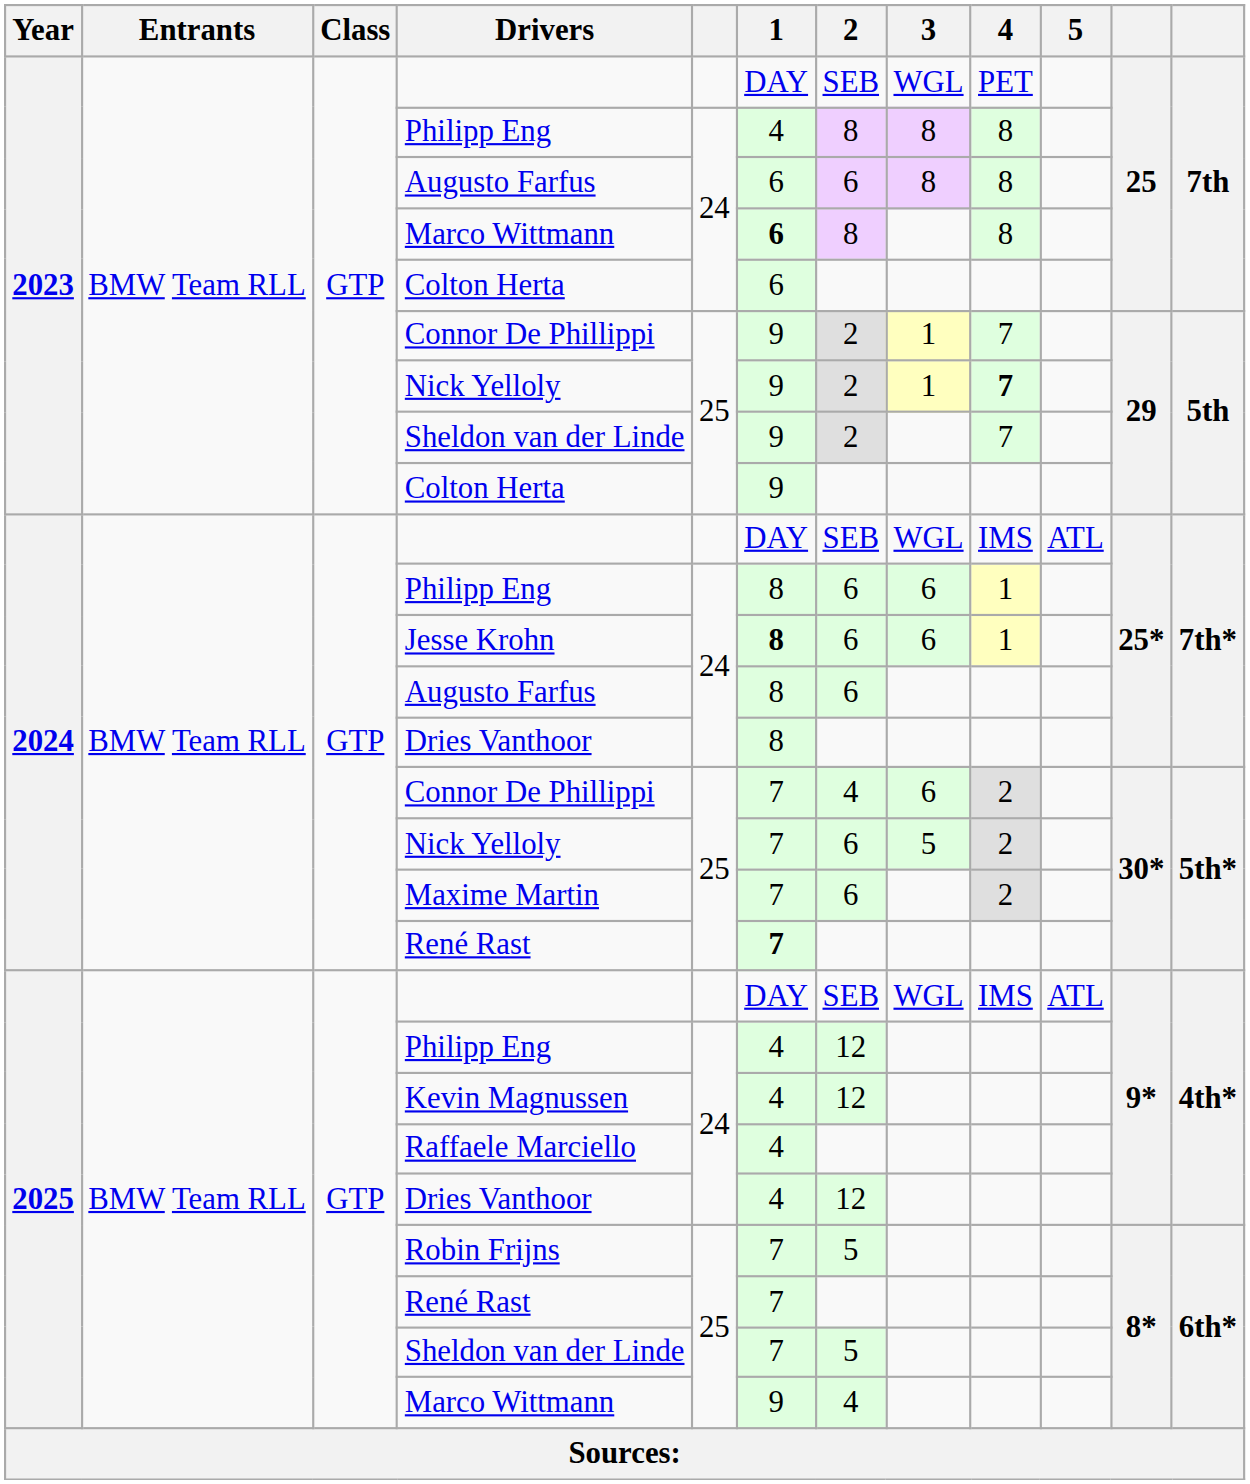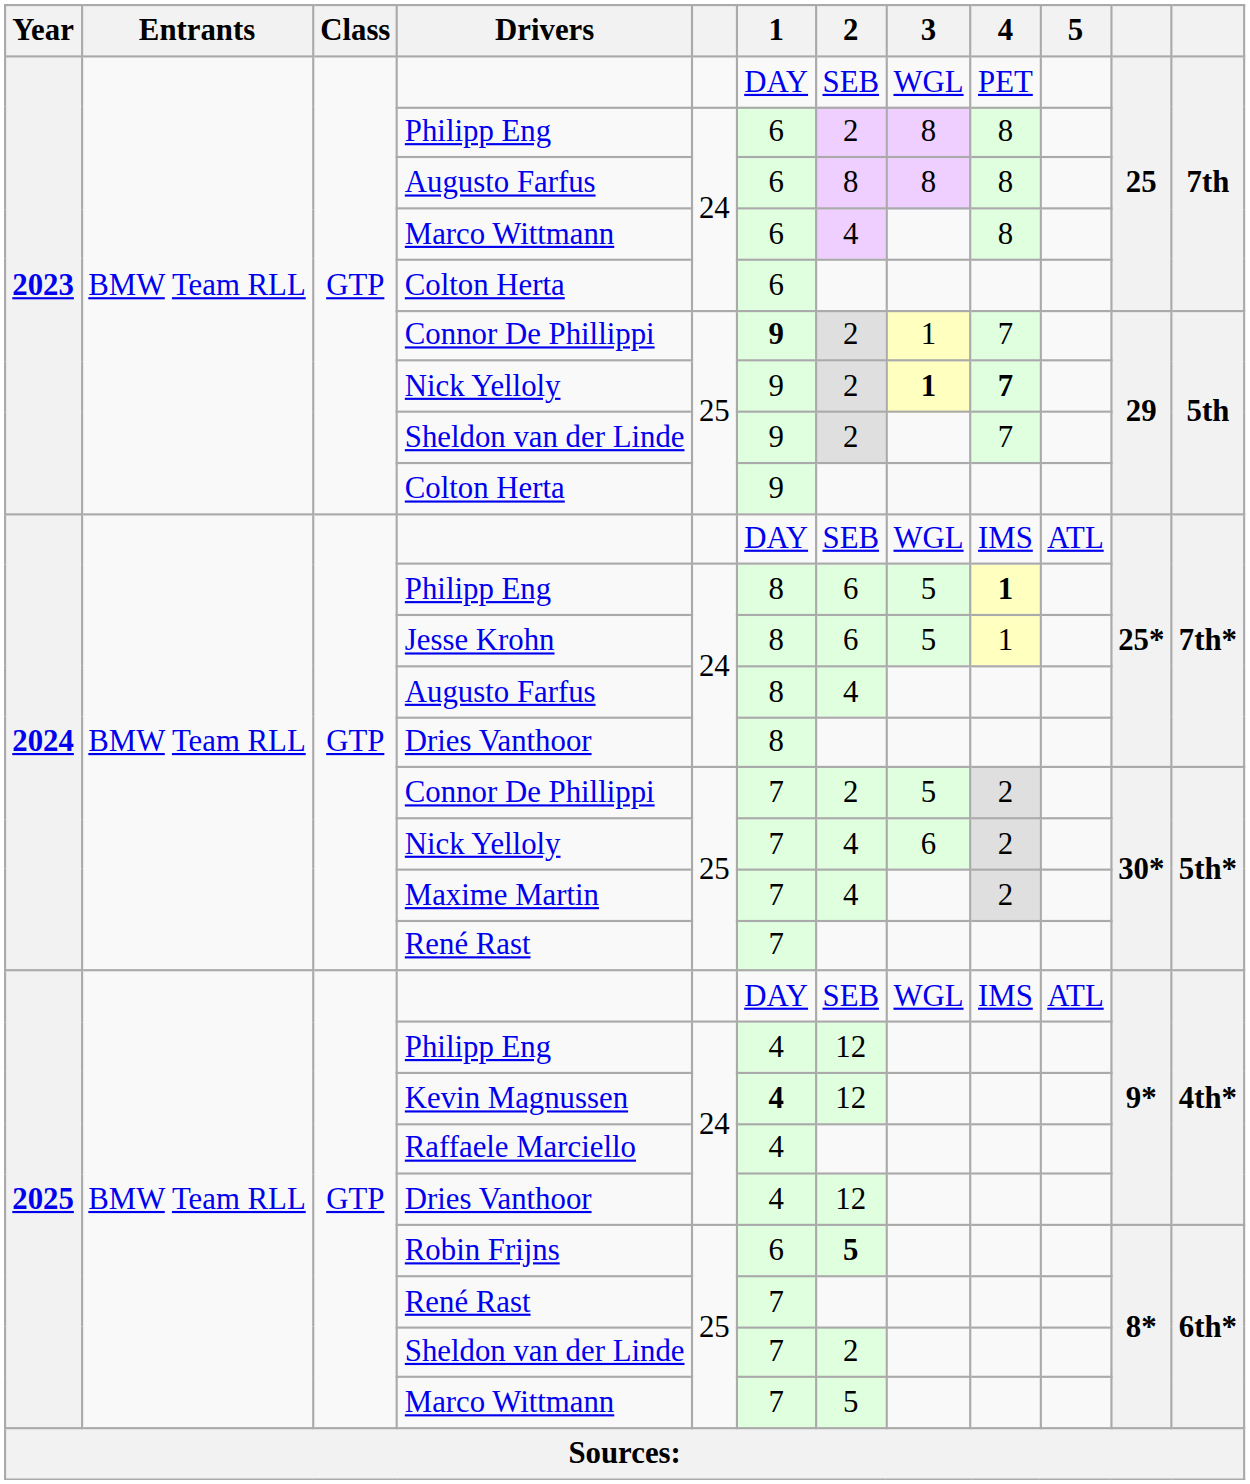 <table class="wikitable" style="text-align:center; font-size:90%">
 <tr>
 <th>Year</th>
 <th>Entrants</th>
 <th>Class</th>
 <th>Drivers</th>
 <th></th>
 <th>1</th>
 <th>2</th>
 <th>3</th>
 <th>4</th>
 <th>5</th>
 <th></th>
 <th></th>
 </tr>
 <tr>
 <th rowspan="9"><a href='#'>2023</a></th>
 <td rowspan="9"><a href='#'>BMW</a> <a href='#'>Team RLL</a></td>
 <td rowspan="9"><a href='#'>GTP</a></td>
 <td></td>
 <td></td>
 <td><a href='#'>DAY</a></td>
 <td><a href='#'>SEB</a></td>
 <td><a href='#'>WGL</a></td>
 <td><a href='#'>PET</a></td>
 <td></td>
 <th rowspan=5>25</th>
 <th rowspan=5>7th</th>
 </tr>
 <tr>
 <td align="left"> <a href='#'>Philipp Eng</a></td>
 <td rowspan="4">24</td>
-<td style="background:#DFFFDF;">4</td>
-<td style="background:#EFCFFF;">8</td>
+<td style="background:#DFFFDF;">6</td>
+<td style="background:#EFCFFF;">2</td>
 <td style="background:#EFCFFF;">8</td>
 <td style="background:#DFFFDF;">8</td>
 <td></td>
 </tr>
 <tr>
 <td align="left"> <a href='#'>Augusto Farfus</a></td>
 <td style="background:#DFFFDF;">6</td>
-<td style="background:#EFCFFF;">6</td>
+<td style="background:#EFCFFF;">8</td>
 <td style="background:#EFCFFF;">8</td>
 <td style="background:#DFFFDF;">8</td>
 <td></td>
 </tr>
 <tr>
 <td align="left"> <a href='#'>Marco Wittmann</a></td>
-<td style="background:#DFFFDF;"><strong>6</strong></td>
-<td style="background:#EFCFFF;">8</td>
+<td style="background:#DFFFDF;">6</td>
+<td style="background:#EFCFFF;">4</td>
 <td></td>
 <td style="background:#DFFFDF;">8</td>
 <td></td>
 </tr>
 <tr>
 <td align="left"> <a href='#'>Colton Herta</a></td>
 <td style="background:#DFFFDF;">6</td>
 <td></td>
 <td></td>
 <td></td>
 <td></td>
 </tr>
 <tr>
 <td align="left"> <a href='#'>Connor De Phillippi</a></td>
 <td rowspan="4">25</td>
-<td style="background:#DFFFDF;">9</td>
+<td style="background:#DFFFDF;"><strong>9</strong></td>
 <td style="background:#DFDFDF;">2</td>
 <td style="background:#FFFFBF;">1</td>
 <td style="background:#DFFFDF;">7</td>
 <td></td>
 <th rowspan=4>29</th>
 <th rowspan=4>5th</th>
 </tr>
 <tr>
 <td align="left"> <a href='#'>Nick Yelloly</a></td>
 <td style="background:#DFFFDF;">9</td>
 <td style="background:#DFDFDF;">2</td>
-<td style="background:#FFFFBF;">1</td>
+<td style="background:#FFFFBF;"><strong>1</strong></td>
 <td style="background:#DFFFDF;"><strong>7</strong></td>
 <td></td>
 </tr>
 <tr>
 <td align="left"> <a href='#'>Sheldon van der Linde</a></td>
 <td style="background:#DFFFDF;">9</td>
 <td style="background:#DFDFDF;">2</td>
 <td></td>
 <td style="background:#DFFFDF;">7</td>
 <td></td>
 </tr>
 <tr>
 <td align="left"> <a href='#'>Colton Herta</a></td>
 <td style="background:#DFFFDF;">9</td>
 <td></td>
 <td></td>
 <td></td>
 <td></td>
 </tr>
 <tr>
 <th rowspan="9"><a href='#'>2024</a></th>
 <td rowspan="9"><a href='#'>BMW</a> <a href='#'>Team RLL</a></td>
 <td rowspan="9"><a href='#'>GTP</a></td>
 <td></td>
 <td></td>
 <td><a href='#'>DAY</a></td>
 <td><a href='#'>SEB</a></td>
 <td><a href='#'>WGL</a></td>
 <td><a href='#'>IMS</a></td>
 <td><a href='#'>ATL</a></td>
 <th rowspan="5">25*</th>
 <th rowspan="5">7th*</th>
 </tr>
 <tr>
 <td align="left"> <a href='#'>Philipp Eng</a></td>
 <td rowspan="4">24</td>
 <td style="background:#dfffdf;" align="center">8</td>
 <td style="background:#dfffdf;" align="center">6</td>
-<td style="background:#dfffdf;" align="center">6</td>
-<td style="background:#ffffbf;" align="center">1</td>
+<td style="background:#dfffdf;" align="center">5</td>
+<td style="background:#ffffbf;" align="center"><strong>1</strong></td>
 <td></td>
 </tr>
 <tr>
 <td align="left"> <a href='#'>Jesse Krohn</a></td>
-<td style="background:#dfffdf;" align="center"><strong>8</strong></td>
+<td style="background:#dfffdf;" align="center">8</td>
 <td style="background:#dfffdf;" align="center">6</td>
-<td style="background:#dfffdf;" align="center">6</td>
+<td style="background:#dfffdf;" align="center">5</td>
 <td style="background:#ffffbf;" align="center">1</td>
 <td></td>
 </tr>
 <tr>
 <td align="left"> <a href='#'>Augusto Farfus</a></td>
 <td style="background:#dfffdf;" align="center">8</td>
-<td style="background:#dfffdf;" align="center">6</td>
+<td style="background:#dfffdf;" align="center">4</td>
 <td></td>
 <td></td>
 <td></td>
 </tr>
 <tr>
 <td align="left"> <a href='#'>Dries Vanthoor</a></td>
 <td style="background:#dfffdf;" align="center">8</td>
 <td></td>
 <td></td>
 <td></td>
 <td></td>
 </tr>
 <tr>
 <td align="left"> <a href='#'>Connor De Phillippi</a></td>
 <td rowspan="4">25</td>
 <td style="background:#dfffdf;" align="center">7</td>
-<td style="background:#dfffdf;" align="center">4</td>
-<td style="background:#dfffdf;" align="center">6</td>
+<td style="background:#dfffdf;" align="center">2</td>
+<td style="background:#dfffdf;" align="center">5</td>
 <td style="background:#dfdfdf;" align="center">2</td>
 <td></td>
 <th rowspan="4">30*</th>
 <th rowspan="4">5th*</th>
 </tr>
 <tr>
 <td align="left"> <a href='#'>Nick Yelloly</a></td>
 <td style="background:#dfffdf;" align="center">7</td>
+<td style="background:#dfffdf;" align="center">4</td>
 <td style="background:#dfffdf;" align="center">6</td>
-<td style="background:#dfffdf;" align="center">5</td>
 <td style="background:#dfdfdf;" align="center">2</td>
 <td></td>
 </tr>
 <tr>
 <td align="left"> <a href='#'>Maxime Martin</a></td>
 <td style="background:#dfffdf;" align="center">7</td>
-<td style="background:#dfffdf;" align="center">6</td>
+<td style="background:#dfffdf;" align="center">4</td>
 <td></td>
 <td style="background:#dfdfdf;" align="center">2</td>
 <td></td>
 </tr>
 <tr>
 <td align="left"> <a href='#'>René Rast</a></td>
-<td style="background:#dfffdf;" align="center"><strong>7</strong></td>
+<td style="background:#dfffdf;" align="center">7</td>
 <td></td>
 <td></td>
 <td></td>
 <td></td>
 </tr>
 <tr>
 <th rowspan="9"><a href='#'>2025</a></th>
 <td rowspan="9"><a href='#'>BMW</a> <a href='#'>Team RLL</a></td>
 <td rowspan="9"><a href='#'>GTP</a></td>
 <td></td>
 <td></td>
 <td><a href='#'>DAY</a></td>
 <td><a href='#'>SEB</a></td>
 <td><a href='#'>WGL</a></td>
 <td><a href='#'>IMS</a></td>
 <td><a href='#'>ATL</a></td>
 <th rowspan="5">9*</th>
 <th rowspan="5">4th*</th>
 </tr>
 <tr>
 <td align="left"> <a href='#'>Philipp Eng</a></td>
 <td rowspan="4">24</td>
 <td style="background:#DFFFDF;">4</td>
 <td style="background:#DFFFDF;">12</td>
 <td></td>
 <td></td>
 <td></td>
 </tr>
 <tr>
 <td align="left"> <a href='#'>Kevin Magnussen</a></td>
-<td style="background:#DFFFDF;">4</td>
+<td style="background:#DFFFDF;"><strong>4</strong></td>
 <td style="background:#DFFFDF;">12</td>
 <td></td>
 <td></td>
 <td></td>
 </tr>
 <tr>
 <td align="left"> <a href='#'>Raffaele Marciello</a></td>
 <td style="background:#DFFFDF;">4</td>
 <td></td>
 <td></td>
 <td></td>
 <td></td>
 </tr>
 <tr>
 <td align="left"> <a href='#'>Dries Vanthoor</a></td>
 <td style="background:#DFFFDF;">4</td>
 <td style="background:#DFFFDF;">12</td>
 <td></td>
 <td></td>
 <td></td>
 </tr>
 <tr>
 <td align="left"> <a href='#'>Robin Frijns</a></td>
 <td rowspan="4">25</td>
-<td style="background:#DFFFDF;">7</td>
-<td style="background:#DFFFDF;">5</td>
+<td style="background:#DFFFDF;">6</td>
+<td style="background:#DFFFDF;"><strong>5</strong></td>
 <td></td>
 <td></td>
 <td></td>
 <th rowspan="4">8*</th>
 <th rowspan="4">6th*</th>
 </tr>
 <tr>
 <td align="left"> <a href='#'>René Rast</a></td>
 <td style="background:#DFFFDF;">7</td>
 <td></td>
 <td></td>
 <td></td>
 <td></td>
 </tr>
 <tr>
 <td align="left"> <a href='#'>Sheldon van der Linde</a></td>
 <td style="background:#DFFFDF;">7</td>
-<td style="background:#DFFFDF;">5</td>
+<td style="background:#DFFFDF;">2</td>
 <td></td>
 <td></td>
 <td></td>
 </tr>
 <tr>
 <td align="left"> <a href='#'>Marco Wittmann</a></td>
-<td style="background:#DFFFDF;">9</td>
-<td style="background:#DFFFDF;">4</td>
+<td style="background:#DFFFDF;">7</td>
+<td style="background:#DFFFDF;">5</td>
 <td></td>
 <td></td>
 <td></td>
 </tr>
 <tr>
 <th colspan="12">Sources:</th>
 </tr>
 </table>
